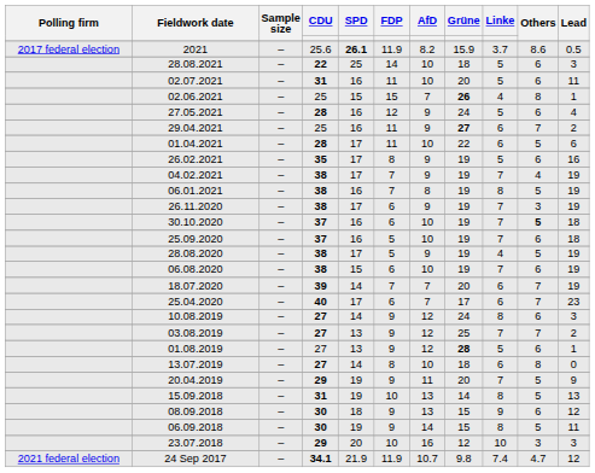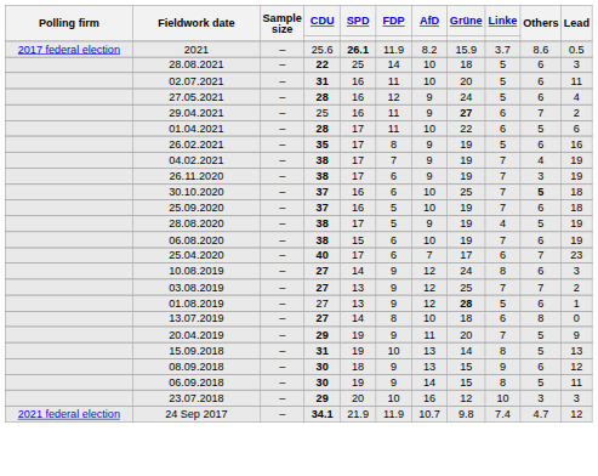 <table class="wikitable sortable mw-datatable" style="text-align:center;font-size:90%;line-height:14px;">
 <tr style="height:40px;">
 <th style="width:160px;" rowspan="2">Polling firm</th>
 <th style="width:160px;" rowspan="2">Fieldwork date</th>
 <th style="width:35px;" rowspan="2">Sample<br>size</th>
 <th class="unsortable" style="width:40px;"><a href='#'>CDU</a></th>
 <th class="unsortable" style="width:40px;"><a href='#'>SPD</a></th>
 <th class="unsortable" style="width:40px;"><a href='#'>FDP</a></th>
 <th class="unsortable" style="width:40px;"><a href='#'>AfD</a></th>
 <th class="unsortable" style="width:40px;"><a href='#'>Grüne</a></th>
 <th class="unsortable" style="width:40px;"><a href='#'>Linke</a></th>
 <th class="unsortable" style="width:30px;" rowspan="2">Others</th>
 <th style="width:30px;" rowspan="2">Lead</th>
 </tr>
 <tr>
 <th style="background:"></th>
 <th style="background:"></th>
 <th style="background:"></th>
 <th style="background:"></th>
 <th style="background:"></th>
 <th style="background:"></th>
 </tr>
 <tr>
 </tr>
 <tr style="background:#E9E9E9;">
 <td style="background:#E9E9E9;"><a href='#'>2017 federal election</a></td>
 <td style="background:#E9E9E9;" data-sort-value="2017-09-24">2021</td>
 <td style="background:#E9E9E9;">–</td>
 <td style="background:#E9E9E9;">25.6</td>
 <td><strong>26.1</strong></td>
 <td style="background:#E9E9E9;">11.9</td>
 <td style="background:#E9E9E9;">8.2</td>
 <td style="background:#E9E9E9;">15.9</td>
 <td style="background:#E9E9E9;">3.7</td>
 <td style="background:#E9E9E9;">8.6</td>
 <td style="background:">0.5</td>
 </tr>
 <tr>
 </tr>
 <tr style="background:#E9E9E9;">
 <td style="background:#E9E9E9;"></td>
 <td style="background:#E9E9E9;" data-sort-value="2017-09-24">28.08.2021</td>
 <td style="background:#E9E9E9;">–</td>
 <td><strong>22</strong></td>
 <td style="background:#E9E9E9;">25</td>
 <td style="background:#E9E9E9;">14</td>
 <td style="background:#E9E9E9;">10</td>
 <td style="background:#E9E9E9;">18</td>
 <td style="background:#E9E9E9;">5</td>
 <td style="background:#E9E9E9;">6</td>
 <td style="background:">3</td>
 </tr>
 <tr>
 </tr>
 <tr style="background:#E9E9E9;">
 <td style="background:#E9E9E9;"></td>
 <td style="background:#E9E9E9;" data-sort-value="2017-09-24">02.07.2021</td>
 <td style="background:#E9E9E9;">–</td>
 <td><strong>31</strong></td>
 <td style="background:#E9E9E9;">16</td>
 <td style="background:#E9E9E9;">11</td>
 <td style="background:#E9E9E9;">10</td>
 <td style="background:#E9E9E9;">20</td>
 <td style="background:#E9E9E9;">5</td>
 <td style="background:#E9E9E9;">6</td>
 <td style="background:">11</td>
 </tr>
 <tr>
-</tr>
-<tr style="background:#E9E9E9;">
-<td style="background:#E9E9E9;"></td>
-<td style="background:#E9E9E9;" data-sort-value="2017-09-24">02.06.2021</td>
-<td style="background:#E9E9E9;">–</td>
-<td style="background:#E9E9E9;">25</td>
-<td style="background:#E9E9E9;">15</td>
-<td style="background:#E9E9E9;">15</td>
-<td style="background:#E9E9E9;">7</td>
-<td><strong>26</strong></td>
-<td style="background:#E9E9E9;">4</td>
-<td style="background:#E9E9E9;">8</td>
-<td style="background:">1</td>
 </tr>
 <tr>
 </tr>
 <tr style="background:#E9E9E9;">
 <td style="background:#E9E9E9;"></td>
 <td style="background:#E9E9E9;" data-sort-value="2017-09-24">27.05.2021</td>
 <td style="background:#E9E9E9;">–</td>
 <td><strong>28</strong></td>
 <td style="background:#E9E9E9;">16</td>
 <td style="background:#E9E9E9;">12</td>
 <td style="background:#E9E9E9;">9</td>
 <td style="background:#E9E9E9;">24</td>
 <td style="background:#E9E9E9;">5</td>
 <td style="background:#E9E9E9;">6</td>
 <td style="background:">4</td>
 </tr>
 <tr>
 </tr>
 <tr style="background:#E9E9E9;">
 <td style="background:#E9E9E9;"></td>
 <td style="background:#E9E9E9;" data-sort-value="2017-09-24">29.04.2021</td>
 <td style="background:#E9E9E9;">–</td>
 <td style="background:#E9E9E9;">25</td>
 <td style="background:#E9E9E9;">16</td>
 <td style="background:#E9E9E9;">11</td>
 <td style="background:#E9E9E9;">9</td>
 <td><strong>27</strong></td>
 <td style="background:#E9E9E9;">6</td>
 <td style="background:#E9E9E9;">7</td>
 <td style="background:">2</td>
 </tr>
 <tr>
 </tr>
 <tr style="background:#E9E9E9;">
 <td style="background:#E9E9E9;"></td>
 <td style="background:#E9E9E9;" data-sort-value="2017-09-24">01.04.2021</td>
 <td style="background:#E9E9E9;">–</td>
 <td><strong>28</strong></td>
 <td style="background:#E9E9E9;">17</td>
 <td style="background:#E9E9E9;">11</td>
 <td style="background:#E9E9E9;">10</td>
 <td style="background:#E9E9E9;">22</td>
 <td style="background:#E9E9E9;">6</td>
 <td style="background:#E9E9E9;">5</td>
 <td style="background:">6</td>
 </tr>
 <tr>
 </tr>
 <tr style="background:#E9E9E9;">
 <td style="background:#E9E9E9;"></td>
 <td style="background:#E9E9E9;" data-sort-value="2017-09-24">26.02.2021</td>
 <td style="background:#E9E9E9;">–</td>
 <td><strong>35</strong></td>
 <td style="background:#E9E9E9;">17</td>
 <td style="background:#E9E9E9;">8</td>
 <td style="background:#E9E9E9;">9</td>
 <td style="background:#E9E9E9;">19</td>
 <td style="background:#E9E9E9;">5</td>
 <td style="background:#E9E9E9;">6</td>
 <td style="background:">16</td>
 </tr>
 <tr>
 </tr>
 <tr style="background:#E9E9E9;">
 <td style="background:#E9E9E9;"></td>
 <td style="background:#E9E9E9;" data-sort-value="2017-09-24">04.02.2021</td>
 <td style="background:#E9E9E9;">–</td>
 <td><strong>38</strong></td>
 <td style="background:#E9E9E9;">17</td>
 <td style="background:#E9E9E9;">7</td>
 <td style="background:#E9E9E9;">9</td>
 <td style="background:#E9E9E9;">19</td>
 <td style="background:#E9E9E9;">7</td>
 <td style="background:#E9E9E9;">4</td>
 <td style="background:">19</td>
 </tr>
 <tr>
 </tr>
-<tr style="background:#E9E9E9;">
-<td style="background:#E9E9E9;"></td>
-<td style="background:#E9E9E9;" data-sort-value="2017-09-24">06.01.2021</td>
-<td style="background:#E9E9E9;">–</td>
-<td><strong>38</strong></td>
-<td style="background:#E9E9E9;">16</td>
-<td style="background:#E9E9E9;">7</td>
-<td style="background:#E9E9E9;">8</td>
-<td style="background:#E9E9E9;">19</td>
-<td style="background:#E9E9E9;">8</td>
-<td style="background:#E9E9E9;">5</td>
-<td style="background:">19</td>
-</tr>
 <tr>
 </tr>
 <tr style="background:#E9E9E9;">
 <td style="background:#E9E9E9;"></td>
 <td style="background:#E9E9E9;" data-sort-value="2017-09-24">26.11.2020</td>
 <td style="background:#E9E9E9;">–</td>
 <td><strong>38</strong></td>
 <td style="background:#E9E9E9;">17</td>
 <td style="background:#E9E9E9;">6</td>
 <td style="background:#E9E9E9;">9</td>
 <td style="background:#E9E9E9;">19</td>
 <td style="background:#E9E9E9;">7</td>
 <td style="background:#E9E9E9;">3</td>
 <td style="background:">19</td>
 </tr>
 <tr>
 </tr>
 <tr style="background:#E9E9E9;">
 <td style="background:#E9E9E9;"></td>
 <td style="background:#E9E9E9;" data-sort-value="2017-09-24">30.10.2020</td>
 <td style="background:#E9E9E9;">–</td>
 <td><strong>37</strong></td>
 <td style="background:#E9E9E9;">16</td>
 <td style="background:#E9E9E9;">6</td>
 <td style="background:#E9E9E9;">10</td>
-<td style="background:#E9E9E9;">19</td>
+<td style="background:#E9E9E9;">25</td>
 <td style="background:#E9E9E9;">7</td>
 <td style="background:#E9E9E9;"><strong>5</strong></td>
 <td style="background:">18</td>
 </tr>
 <tr>
 </tr>
 <tr style="background:#E9E9E9;">
 <td style="background:#E9E9E9;"></td>
 <td style="background:#E9E9E9;" data-sort-value="2017-09-24">25.09.2020</td>
 <td style="background:#E9E9E9;">–</td>
 <td><strong>37</strong></td>
 <td style="background:#E9E9E9;">16</td>
 <td style="background:#E9E9E9;">5</td>
 <td style="background:#E9E9E9;">10</td>
 <td style="background:#E9E9E9;">19</td>
 <td style="background:#E9E9E9;">7</td>
 <td style="background:#E9E9E9;">6</td>
 <td style="background:">18</td>
 </tr>
 <tr>
 </tr>
 <tr style="background:#E9E9E9;">
 <td style="background:#E9E9E9;"></td>
 <td style="background:#E9E9E9;" data-sort-value="2017-09-24">28.08.2020</td>
 <td style="background:#E9E9E9;">–</td>
 <td><strong>38 </strong></td>
 <td style="background:#E9E9E9;">17</td>
 <td style="background:#E9E9E9;">5</td>
 <td style="background:#E9E9E9;">9</td>
 <td style="background:#E9E9E9;">19</td>
 <td style="background:#E9E9E9;">4</td>
 <td style="background:#E9E9E9;">5</td>
 <td style="background:">19</td>
 </tr>
 <tr>
 </tr>
 <tr style="background:#E9E9E9;">
 <td style="background:#E9E9E9;"></td>
 <td style="background:#E9E9E9;" data-sort-value="2017-09-24">06.08.2020</td>
 <td style="background:#E9E9E9;">–</td>
 <td><strong>38 </strong></td>
 <td style="background:#E9E9E9;">15</td>
 <td style="background:#E9E9E9;">6</td>
 <td style="background:#E9E9E9;">10</td>
 <td style="background:#E9E9E9;">19</td>
 <td style="background:#E9E9E9;">7</td>
 <td style="background:#E9E9E9;">6</td>
 <td style="background:">19</td>
 </tr>
 <tr>
-</tr>
-<tr style="background:#E9E9E9;">
-<td style="background:#E9E9E9;"></td>
-<td style="background:#E9E9E9;" data-sort-value="2017-09-24">18.07.2020</td>
-<td style="background:#E9E9E9;">–</td>
-<td><strong>39 </strong></td>
-<td style="background:#E9E9E9;">14</td>
-<td style="background:#E9E9E9;">7</td>
-<td style="background:#E9E9E9;">7</td>
-<td style="background:#E9E9E9;">20</td>
-<td style="background:#E9E9E9;">6</td>
-<td style="background:#E9E9E9;">7</td>
-<td style="background:">19</td>
 </tr>
 <tr>
 </tr>
 <tr style="background:#E9E9E9;">
 <td style="background:#E9E9E9;"></td>
 <td style="background:#E9E9E9;" data-sort-value="2017-09-24">25.04.2020</td>
 <td style="background:#E9E9E9;">–</td>
 <td><strong>40 </strong></td>
 <td style="background:#E9E9E9;">17</td>
 <td style="background:#E9E9E9;">6</td>
 <td style="background:#E9E9E9;">7</td>
 <td style="background:#E9E9E9;">17</td>
 <td style="background:#E9E9E9;">6</td>
 <td style="background:#E9E9E9;">7</td>
 <td style="background:">23</td>
 </tr>
 <tr>
 </tr>
 <tr style="background:#E9E9E9;">
 <td style="background:#E9E9E9;"></td>
 <td style="background:#E9E9E9;" data-sort-value="2017-09-24">10.08.2019</td>
 <td style="background:#E9E9E9;">–</td>
 <td><strong>27 </strong></td>
 <td style="background:#E9E9E9;">14</td>
 <td style="background:#E9E9E9;">9</td>
 <td style="background:#E9E9E9;">12</td>
 <td style="background:#E9E9E9;">24</td>
 <td style="background:#E9E9E9;">8</td>
 <td style="background:#E9E9E9;">6</td>
 <td style="background:">3</td>
 </tr>
 <tr>
 </tr>
 <tr style="background:#E9E9E9;">
 <td style="background:#E9E9E9;"></td>
 <td style="background:#E9E9E9;" data-sort-value="2017-09-24">03.08.2019</td>
 <td style="background:#E9E9E9;">–</td>
 <td><strong>27 </strong></td>
 <td style="background:#E9E9E9;">13</td>
 <td style="background:#E9E9E9;">9</td>
 <td style="background:#E9E9E9;">12</td>
 <td style="background:#E9E9E9;">25</td>
 <td style="background:#E9E9E9;">7</td>
 <td style="background:#E9E9E9;">7</td>
 <td style="background:">2</td>
 </tr>
 <tr>
 </tr>
 <tr style="background:#E9E9E9;">
 <td style="background:#E9E9E9;"></td>
 <td style="background:#E9E9E9;" data-sort-value="2017-09-24">01.08.2019</td>
 <td style="background:#E9E9E9;">–</td>
 <td style="background:#E9E9E9;">27</td>
 <td style="background:#E9E9E9;">13</td>
 <td style="background:#E9E9E9;">9</td>
 <td style="background:#E9E9E9;">12</td>
 <td><strong>28</strong></td>
 <td style="background:#E9E9E9;">5</td>
 <td style="background:#E9E9E9;">6</td>
 <td style="background:">1</td>
 </tr>
 <tr>
 </tr>
 <tr style="background:#E9E9E9;">
 <td style="background:#E9E9E9;"></td>
 <td style="background:#E9E9E9;" data-sort-value="2017-09-24">13.07.2019</td>
 <td style="background:#E9E9E9;">–</td>
 <td><strong>27 </strong></td>
 <td style="background:#E9E9E9;">14</td>
 <td style="background:#E9E9E9;">8</td>
 <td style="background:#E9E9E9;">10</td>
 <td style="background:#E9E9E9;">18</td>
 <td style="background:#E9E9E9;">6</td>
 <td style="background:#E9E9E9;">8</td>
 <td style="background:">0</td>
 </tr>
 <tr>
 </tr>
 <tr style="background:#E9E9E9;">
 <td style="background:#E9E9E9;"></td>
 <td style="background:#E9E9E9;" data-sort-value="2017-09-24">20.04.2019</td>
 <td style="background:#E9E9E9;">–</td>
 <td><strong>29 </strong></td>
 <td style="background:#E9E9E9;">19</td>
 <td style="background:#E9E9E9;">9</td>
 <td style="background:#E9E9E9;">11</td>
 <td style="background:#E9E9E9;">20</td>
 <td style="background:#E9E9E9;">7</td>
 <td style="background:#E9E9E9;">5</td>
 <td style="background:">9</td>
 </tr>
 <tr>
 </tr>
 <tr style="background:#E9E9E9;">
 <td style="background:#E9E9E9;"></td>
 <td style="background:#E9E9E9;" data-sort-value="2017-09-24">15.09.2018</td>
 <td style="background:#E9E9E9;">–</td>
 <td><strong>31 </strong></td>
 <td style="background:#E9E9E9;">19</td>
 <td style="background:#E9E9E9;">10</td>
 <td style="background:#E9E9E9;">13</td>
 <td style="background:#E9E9E9;">14</td>
 <td style="background:#E9E9E9;">8</td>
 <td style="background:#E9E9E9;">5</td>
 <td style="background:">13</td>
 </tr>
 <tr>
 </tr>
 <tr style="background:#E9E9E9;">
 <td style="background:#E9E9E9;"></td>
 <td style="background:#E9E9E9;" data-sort-value="2017-09-24">08.09.2018</td>
 <td style="background:#E9E9E9;">–</td>
 <td><strong>30 </strong></td>
 <td style="background:#E9E9E9;">18</td>
 <td style="background:#E9E9E9;">9</td>
 <td style="background:#E9E9E9;">13</td>
 <td style="background:#E9E9E9;">15</td>
 <td style="background:#E9E9E9;">9</td>
 <td style="background:#E9E9E9;">6</td>
 <td style="background:">12</td>
 </tr>
 <tr>
 </tr>
 <tr style="background:#E9E9E9;">
 <td style="background:#E9E9E9;"></td>
 <td style="background:#E9E9E9;" data-sort-value="2017-09-24">06.09.2018</td>
 <td style="background:#E9E9E9;">–</td>
 <td><strong>30 </strong></td>
 <td style="background:#E9E9E9;">19</td>
 <td style="background:#E9E9E9;">9</td>
 <td style="background:#E9E9E9;">14</td>
 <td style="background:#E9E9E9;">15</td>
 <td style="background:#E9E9E9;">8</td>
 <td style="background:#E9E9E9;">5</td>
 <td style="background:">11</td>
 </tr>
 <tr>
 </tr>
 <tr style="background:#E9E9E9;">
 <td style="background:#E9E9E9;"></td>
 <td style="background:#E9E9E9;" data-sort-value="2017-09-24">23.07.2018</td>
 <td style="background:#E9E9E9;">–</td>
 <td><strong>29 </strong></td>
 <td style="background:#E9E9E9;">20</td>
 <td style="background:#E9E9E9;">10</td>
 <td style="background:#E9E9E9;">16</td>
 <td style="background:#E9E9E9;">12</td>
 <td style="background:#E9E9E9;">10</td>
 <td style="background:#E9E9E9;">3</td>
 <td style="background:">3</td>
 </tr>
 <tr>
 </tr>
 <tr style="background:#E9E9E9;">
 <td style="background:#E9E9E9;"><a href='#'>2021 federal election</a></td>
 <td style="background:#E9E9E9;" data-sort-value="2017-09-24">24 Sep 2017</td>
 <td style="background:#E9E9E9;">–</td>
 <td><strong>34.1</strong></td>
 <td style="background:#E9E9E9;">21.9</td>
 <td style="background:#E9E9E9;">11.9</td>
 <td style="background:#E9E9E9;">10.7</td>
 <td style="background:#E9E9E9;">9.8</td>
 <td style="background:#E9E9E9;">7.4</td>
 <td style="background:#E9E9E9;">4.7</td>
 <td style="background:">12</td>
 </tr>
 </table>
